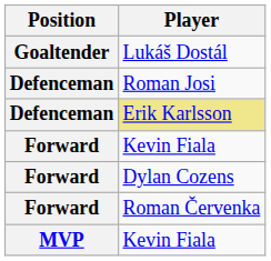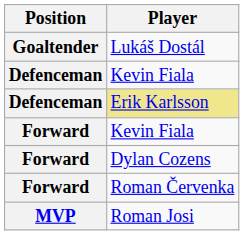 <table class="wikitable plainrowheaders">
 <tr>
 <th scope="col">Position</th>
 <th scope="col">Player</th>
 </tr>
 <tr>
 <th scope="row">Goaltender</th>
 <td> <a href='#'>Lukáš Dostál</a></td>
 </tr>
 <tr>
 <th scope="row">Defenceman</th>
-<td> <a href='#'>Roman Josi</a></td>
+<td> <a href='#'>Kevin Fiala</a></td>
 </tr>
 <tr>
 <th scope="row">Defenceman</th>
 <td style="background: khaki;"> <a href='#'>Erik Karlsson</a></td>
 </tr>
 <tr>
 <th scope="row">Forward</th>
 <td> <a href='#'>Kevin Fiala</a></td>
 </tr>
 <tr>
 <th scope="row">Forward</th>
 <td> <a href='#'>Dylan Cozens</a></td>
 </tr>
 <tr>
 <th scope="row">Forward</th>
 <td> <a href='#'>Roman Červenka</a></td>
 </tr>
 <tr>
 <th scope="row"><a href='#'>MVP</a></th>
-<td> <a href='#'>Kevin Fiala</a></td>
+<td> <a href='#'>Roman Josi</a></td>
 </tr>
 </table>
